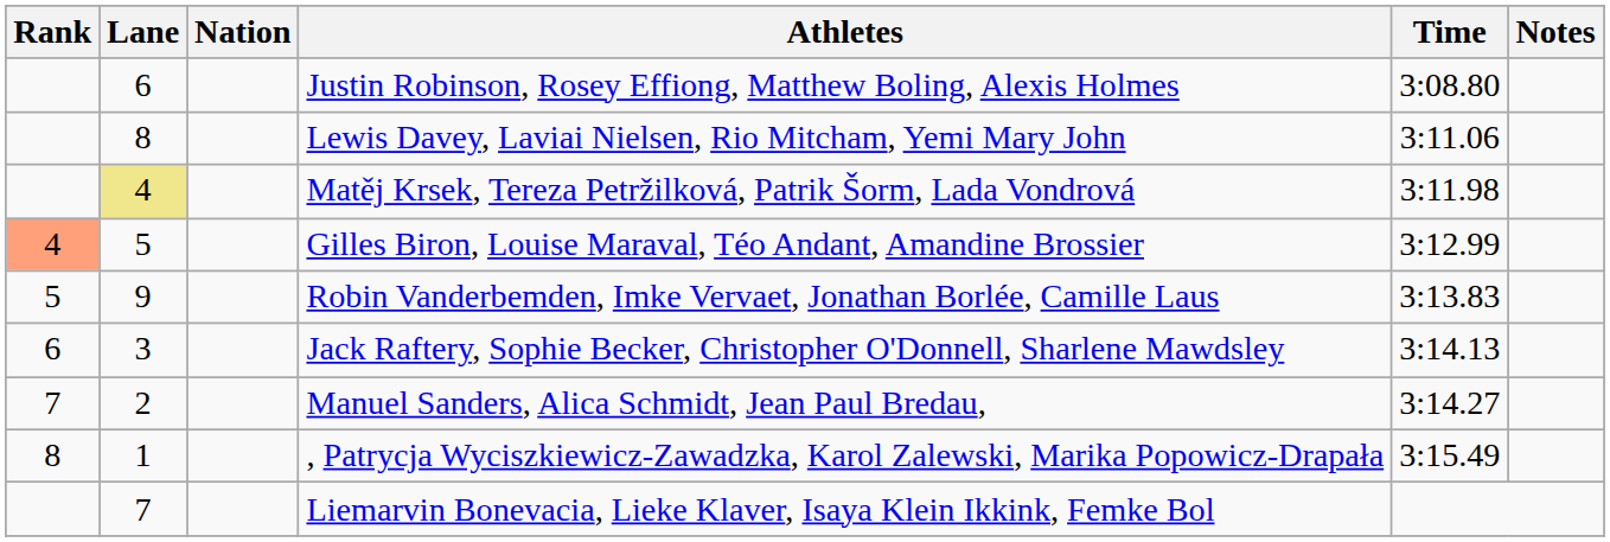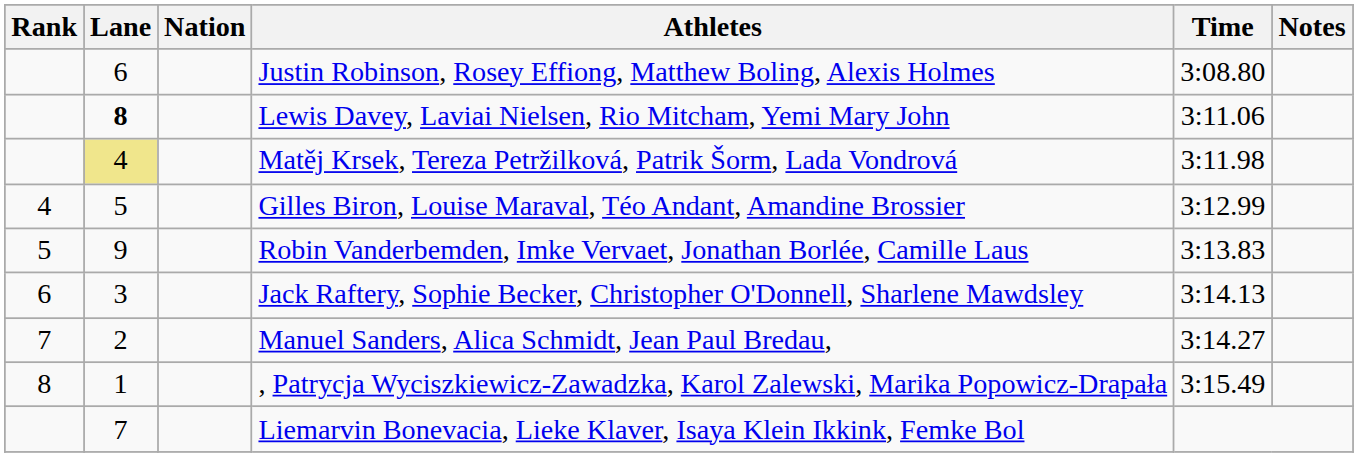 <table class="wikitable sortable" style="text-align:center">
 <tr>
 <th>Rank</th>
 <th>Lane</th>
 <th align="left">Nation</th>
 <th align="left">Athletes</th>
 <th>Time</th>
 <th>Notes</th>
 </tr>
 <tr>
 <td></td>
 <td>6</td>
 <td align="left"></td>
 <td align="left"><a href='#'>Justin Robinson</a>, <a href='#'>Rosey Effiong</a>, <a href='#'>Matthew Boling</a>, <a href='#'>Alexis Holmes</a></td>
 <td>3:08.80</td>
 <td></td>
 </tr>
 <tr>
 <td></td>
-<td>8</td>
+<td><strong>8</strong></td>
 <td align="left"></td>
 <td align="left"><a href='#'>Lewis Davey</a>, <a href='#'>Laviai Nielsen</a>, <a href='#'>Rio Mitcham</a>, <a href='#'>Yemi Mary John</a></td>
 <td>3:11.06</td>
 <td></td>
 </tr>
 <tr>
 <td></td>
 <td style="background: khaki;">4</td>
 <td align="left"></td>
 <td align="left"><a href='#'>Matěj Krsek</a>, <a href='#'>Tereza Petržilková</a>, <a href='#'>Patrik Šorm</a>, <a href='#'>Lada Vondrová</a></td>
 <td>3:11.98</td>
 <td></td>
 </tr>
 <tr>
-<td style="background: lightsalmon;">4</td>
+<td>4</td>
 <td>5</td>
 <td align="left"></td>
 <td align="left"><a href='#'>Gilles Biron</a>, <a href='#'>Louise Maraval</a>, <a href='#'>Téo Andant</a>, <a href='#'>Amandine Brossier</a></td>
 <td>3:12.99</td>
 <td></td>
 </tr>
 <tr>
 <td>5</td>
 <td>9</td>
 <td align="left"></td>
 <td align="left"><a href='#'>Robin Vanderbemden</a>, <a href='#'>Imke Vervaet</a>, <a href='#'>Jonathan Borlée</a>, <a href='#'>Camille Laus</a></td>
 <td>3:13.83</td>
 <td></td>
 </tr>
 <tr>
 <td>6</td>
 <td>3</td>
 <td align="left"></td>
 <td align="left"><a href='#'>Jack Raftery</a>, <a href='#'>Sophie Becker</a>, <a href='#'>Christopher O'Donnell</a>, <a href='#'>Sharlene Mawdsley</a></td>
 <td>3:14.13</td>
 <td></td>
 </tr>
 <tr>
 <td>7</td>
 <td>2</td>
 <td align="left"></td>
 <td align="left"><a href='#'>Manuel Sanders</a>, <a href='#'>Alica Schmidt</a>, <a href='#'>Jean Paul Bredau</a>, </td>
 <td>3:14.27</td>
 <td></td>
 </tr>
 <tr>
 <td>8</td>
 <td>1</td>
 <td align="left"></td>
 <td align="left">, <a href='#'>Patrycja Wyciszkiewicz-Zawadzka</a>, <a href='#'>Karol Zalewski</a>, <a href='#'>Marika Popowicz-Drapała</a></td>
 <td>3:15.49</td>
 <td></td>
 </tr>
 <tr>
 <td></td>
 <td>7</td>
 <td align="left"></td>
 <td align="left"><a href='#'>Liemarvin Bonevacia</a>, <a href='#'>Lieke Klaver</a>, <a href='#'>Isaya Klein Ikkink</a>, <a href='#'>Femke Bol</a></td>
 <td colspan=2></td>
 </tr>
 </table>
